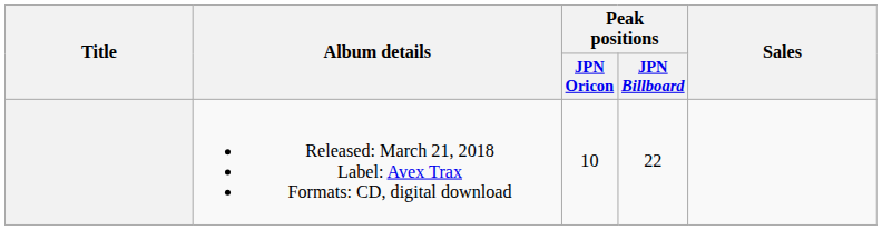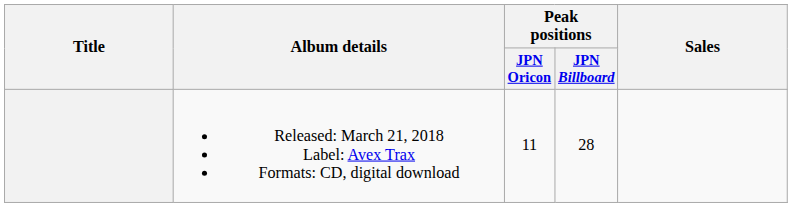 <table class="wikitable plainrowheaders" style="text-align:center;">
 <tr>
 <th scope="col" rowspan="2" style="width:10em;">Title</th>
 <th scope="col" rowspan="2" style="width:20em;">Album details</th>
 <th scope="col" colspan="2">Peak<br>positions</th>
 <th scope="col" rowspan="2" style="width:10em;">Sales</th>
 </tr>
 <tr>
 <th scope="col" style="width:2.2em;font-size:90%;"><a href='#'>JPN Oricon</a><br></th>
 <th scope="col" style="width:2.2em;font-size:90%;"><a href='#'>JPN <em>Billboard</em></a><br></th>
 </tr>
 <tr>
 <th scope="row"></th>
 <td><br><ul><li>Released: March 21, 2018</li><li>Label: <a href='#'>Avex Trax</a></li><li>Formats: CD, digital download</li></ul></td>
-<td>10</td>
-<td>22</td>
+<td>11</td>
+<td>28</td>
 <td></td>
 </tr>
 </table>
